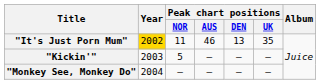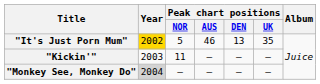 <table class="wikitable plainrowheaders" style="text-align:center">
 <tr>
 <th scope="col" rowspan="2">Title</th>
 <th scope="col" rowspan="2">Year</th>
 <th scope="col" colspan="4">Peak chart positions</th>
 <th scope="col" rowspan="2">Album</th>
 </tr>
 <tr>
 <th scope="col" style="width:3em;font-size:90%;"><a href='#'>NOR</a><br></th>
 <th scope="col" style="width:3em;font-size:90%;"><a href='#'>AUS</a><br></th>
 <th scope="col" style="width:3em;font-size:90%;"><a href='#'>DEN</a><br></th>
 <th scope="col" style="width:3em;font-size:90%;"><a href='#'>UK</a><br></th>
 </tr>
 <tr>
 <th scope="row">"It's Just Porn Mum"</th>
 <td style="background: gold;">2002</td>
-<td>11</td>
+<td>5</td>
 <td>46</td>
 <td>13</td>
 <td>35</td>
 <td rowspan="3"><em>Juice</em></td>
 </tr>
 <tr>
 <th scope="row">"Kickin'"</th>
 <td>2003</td>
-<td>5</td>
+<td>11</td>
 <td>—</td>
 <td>—</td>
 <td>—</td>
 </tr>
 <tr>
 <th scope="row">"Monkey See, Monkey Do"</th>
-<td>2004</td>
+<td style="background: lightgrey;">2004</td>
 <td>—</td>
 <td>—</td>
 <td>—</td>
 <td>—</td>
 </tr>
 </table>
